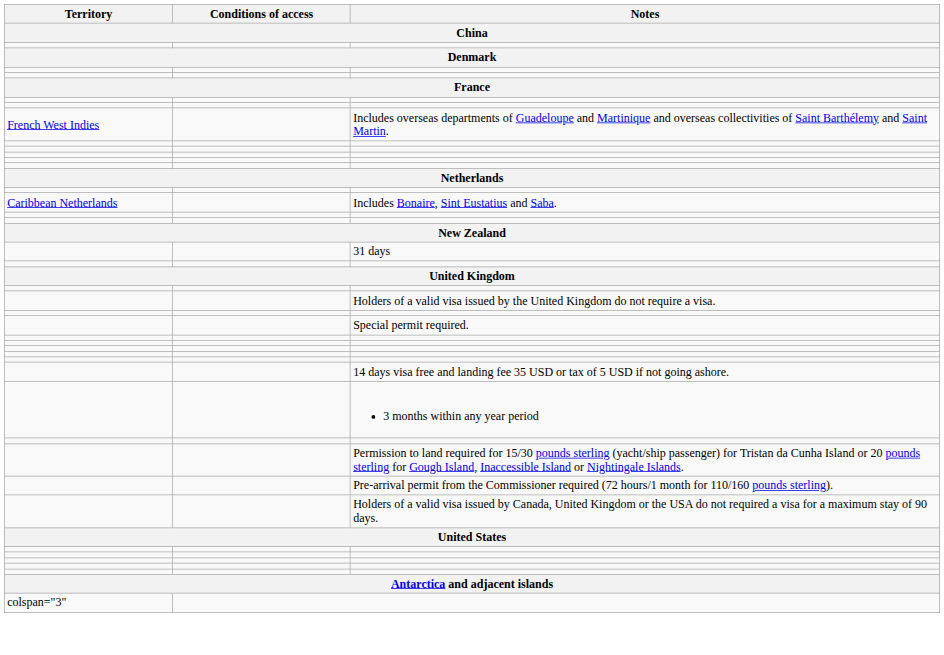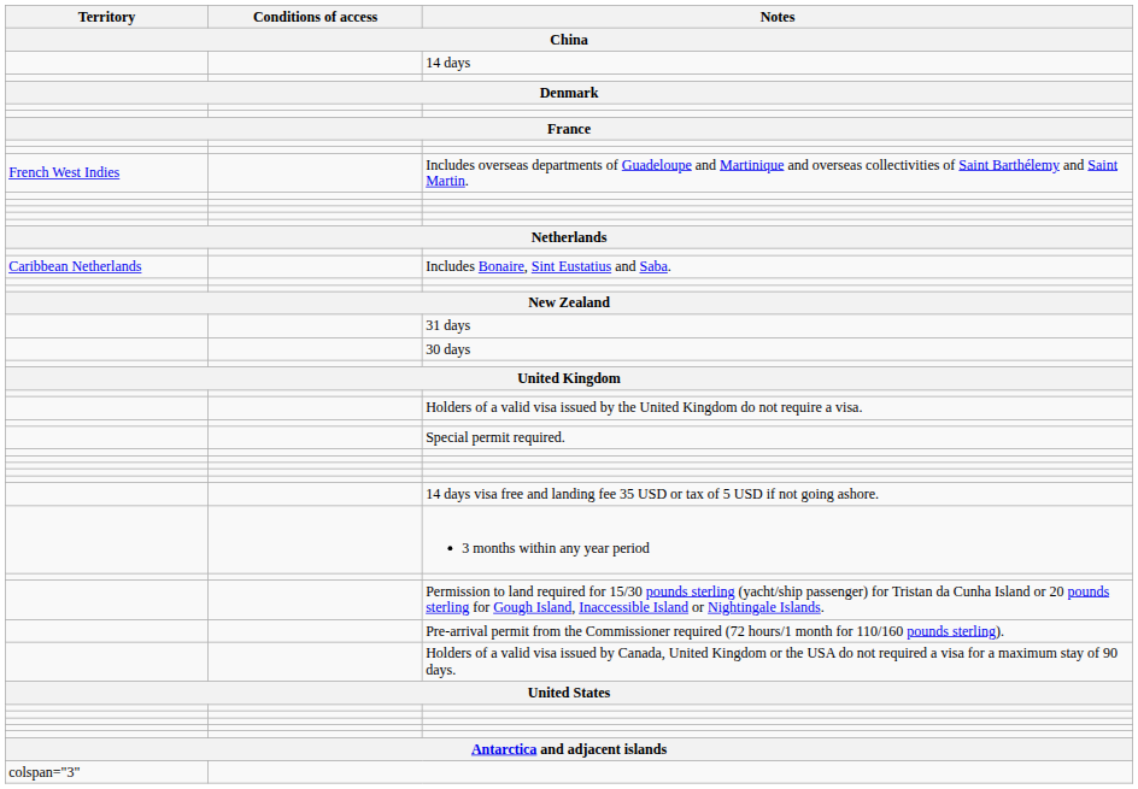 <table class="wikitable" style="text-align: left; table-layout: fixed;">
 <tr>
 <th style="width:18%;">Territory</th>
 <th style="width:19%;">Conditions of access</th>
 <th>Notes</th>
 </tr>
 <tr>
 <th colspan="3">China</th>
+</tr>
+<tr>
+<td></td>
+<td></td>
+<td>14 days</td>
 </tr>
 <tr>
 <td></td>
 <td></td>
 <td></td>
 </tr>
 <tr>
 <th colspan="3">Denmark</th>
 </tr>
 <tr>
 <td></td>
 <td></td>
 <td></td>
 </tr>
 <tr>
 <td></td>
 <td></td>
 <td></td>
 </tr>
 <tr>
 <th colspan="3">France</th>
 </tr>
 <tr>
 <td></td>
 <td></td>
 <td></td>
 </tr>
 <tr>
 <td></td>
 <td></td>
 <td></td>
 </tr>
 <tr>
 <td> <a href='#'>French West Indies</a></td>
 <td></td>
 <td>Includes overseas departments of <a href='#'>Guadeloupe</a> and <a href='#'>Martinique</a> and overseas collectivities of <a href='#'>Saint Barthélemy</a> and <a href='#'>Saint Martin</a>.</td>
 </tr>
 <tr>
 <td></td>
 <td></td>
 <td></td>
 </tr>
 <tr>
 <td></td>
 <td></td>
 <td></td>
 </tr>
 <tr>
 <td></td>
 <td></td>
 <td></td>
 </tr>
 <tr>
 <td></td>
 <td></td>
 <td></td>
 </tr>
 <tr>
 <td></td>
 <td></td>
 <td></td>
 </tr>
 <tr>
 <th colspan="3">Netherlands</th>
 </tr>
 <tr>
 <td></td>
 <td></td>
 <td></td>
 </tr>
 <tr>
 <td> <a href='#'>Caribbean Netherlands</a></td>
 <td></td>
 <td>Includes <a href='#'>Bonaire</a>, <a href='#'>Sint Eustatius</a> and <a href='#'>Saba</a>.</td>
 </tr>
 <tr>
 <td></td>
 <td></td>
 <td></td>
 </tr>
 <tr>
 <td></td>
 <td></td>
 <td></td>
 </tr>
 <tr>
 <th colspan="3">New Zealand</th>
 </tr>
 <tr>
 <td></td>
 <td></td>
 <td>31 days</td>
+</tr>
+<tr>
+<td></td>
+<td></td>
+<td>30 days</td>
 </tr>
 <tr>
 <td></td>
 <td></td>
 <td></td>
 </tr>
 <tr>
 <th colspan="3">United Kingdom</th>
 </tr>
 <tr>
 <td></td>
 <td></td>
 <td></td>
 </tr>
 <tr>
 <td></td>
 <td></td>
 <td>Holders of a valid visa issued by the United Kingdom do not require a visa.</td>
 </tr>
 <tr>
 <td></td>
 <td></td>
 <td></td>
 </tr>
 <tr>
 <td></td>
 <td></td>
 <td>Special permit required.</td>
 </tr>
 <tr>
 <td></td>
 <td></td>
 <td></td>
 </tr>
 <tr>
 <td></td>
 <td></td>
 <td></td>
 </tr>
 <tr>
 <td></td>
 <td></td>
 <td></td>
 </tr>
 <tr>
 <td></td>
 <td></td>
 <td></td>
 </tr>
 <tr>
 <td></td>
 <td></td>
 <td></td>
 </tr>
 <tr>
 <td></td>
 <td></td>
 <td>14 days visa free and landing fee 35 USD or tax of 5 USD if not going ashore.</td>
 </tr>
 <tr>
 <td></td>
 <td></td>
 <td><br><ul><li>3 months within any year period</li></ul></td>
 </tr>
 <tr>
 <td></td>
 <td></td>
 <td></td>
 </tr>
 <tr>
 <td></td>
 <td></td>
 <td>Permission to land required for 15/30 <a href='#'>pounds sterling</a> (yacht/ship passenger) for Tristan da Cunha Island or 20 <a href='#'>pounds sterling</a> for <a href='#'>Gough Island</a>, <a href='#'>Inaccessible Island</a> or <a href='#'>Nightingale Islands</a>.</td>
 </tr>
 <tr>
 <td></td>
 <td></td>
 <td>Pre-arrival permit from the Commissioner required (72 hours/1 month for 110/160 <a href='#'>pounds sterling</a>).</td>
 </tr>
 <tr>
 <td></td>
 <td></td>
 <td>Holders of a valid visa issued by Canada, United Kingdom or the USA do not required a visa for a maximum stay of 90 days.</td>
 </tr>
 <tr>
 <th colspan="3">United States</th>
 </tr>
 <tr>
 <td></td>
 <td></td>
 <td></td>
 </tr>
 <tr>
 <td></td>
 <td></td>
 <td></td>
 </tr>
 <tr>
 <td></td>
 <td></td>
 <td></td>
 </tr>
 <tr>
 <td></td>
 <td></td>
 <td></td>
 </tr>
 <tr>
 <td></td>
 <td></td>
 <td></td>
 </tr>
 <tr>
 <th colspan="3"><a href='#'>Antarctica</a> and adjacent islands</th>
 </tr>
 <tr>
 <td>colspan="3" </td>
 </tr>
 </table>
